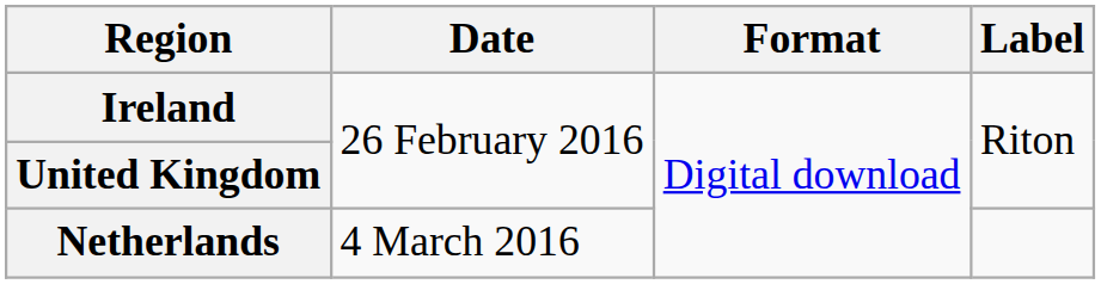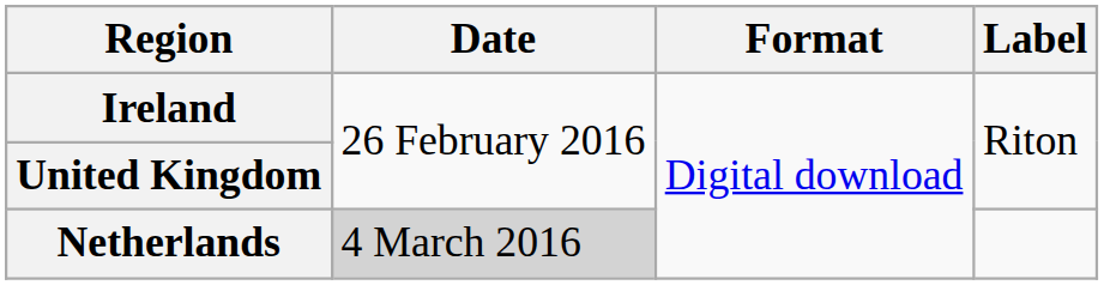 <table class="wikitable plainrowheaders">
 <tr>
 <th scope="col">Region</th>
 <th scope="col">Date</th>
 <th scope="col">Format</th>
 <th scope="col">Label</th>
 </tr>
 <tr>
 <th scope="row">Ireland</th>
 <td rowspan="2">26 February 2016</td>
 <td rowspan="3"><a href='#'>Digital download</a></td>
 <td rowspan="2">Riton</td>
 </tr>
 <tr>
 <th scope="row">United Kingdom</th>
 </tr>
 <tr>
 <th scope="row">Netherlands</th>
-<td>4 March 2016</td>
+<td style="background: lightgrey;">4 March 2016</td>
 <td></td>
 </tr>
 </table>
